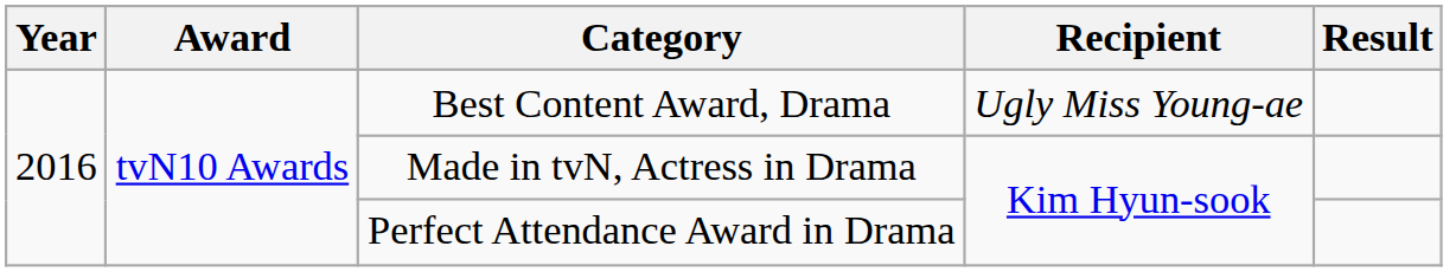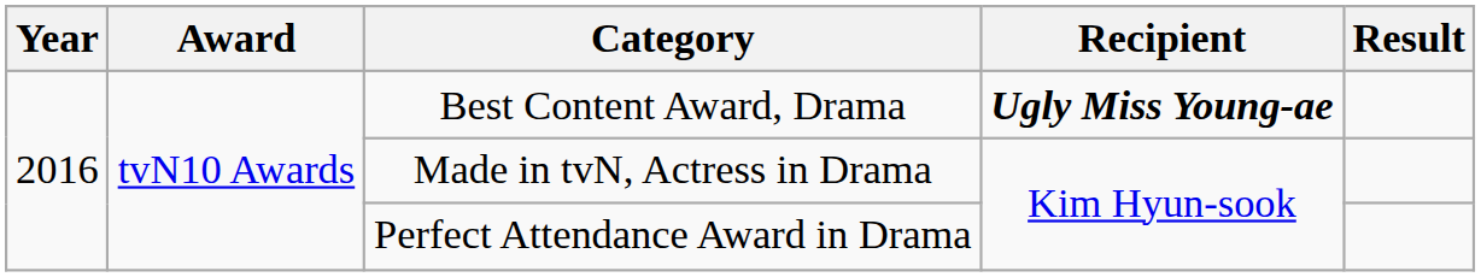 <table class="wikitable sortable plainrowheaders" style="text-align:center;">
 <tr>
 <th>Year</th>
 <th>Award</th>
 <th>Category</th>
 <th>Recipient</th>
 <th>Result</th>
 </tr>
 <tr>
 <td rowspan="3">2016</td>
 <td rowspan="3"><a href='#'>tvN10 Awards</a></td>
 <td>Best Content Award, Drama</td>
-<td><em>Ugly Miss Young-ae</em></td>
+<td><strong><em>Ugly Miss Young-ae</em></strong></td>
 <td></td>
 </tr>
 <tr>
 <td>Made in tvN, Actress in Drama</td>
 <td rowspan="2"><a href='#'>Kim Hyun-sook</a></td>
 <td></td>
 </tr>
 <tr>
 <td>Perfect Attendance Award in Drama</td>
 <td></td>
 </tr>
 </table>
